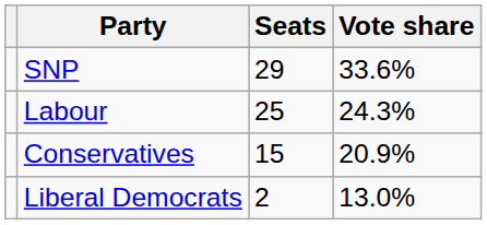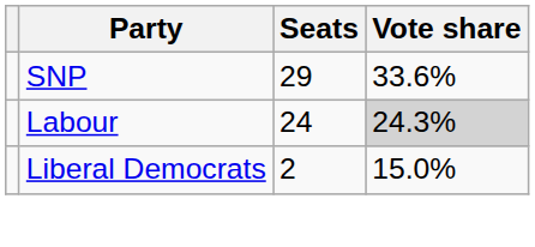 <table class="wikitable">
 <tr>
 <th></th>
 <th scope="col">Party</th>
 <th scope="col">Seats</th>
 <th scope="col">Vote share</th>
 </tr>
 <tr>
 <td style="background-color: "></td>
 <td scope="row"><a href='#'>SNP</a></td>
 <td>29</td>
 <td>33.6%</td>
 </tr>
 <tr>
 <td style="background-color: "></td>
 <td scope="row"><a href='#'>Labour</a></td>
-<td>25</td>
-<td>24.3%</td>
-</tr>
-<tr>
-<td style="background-color: "></td>
-<td scope="row"><a href='#'>Conservatives</a></td>
-<td>15</td>
-<td>20.9%</td>
+<td>24</td>
+<td style="background: lightgrey;">24.3%</td>
 </tr>
 <tr>
 <td style="background-color: "></td>
 <td scope="row"><a href='#'>Liberal Democrats</a></td>
 <td>2</td>
-<td>13.0%</td>
+<td>15.0%</td>
 </tr>
 </table>
